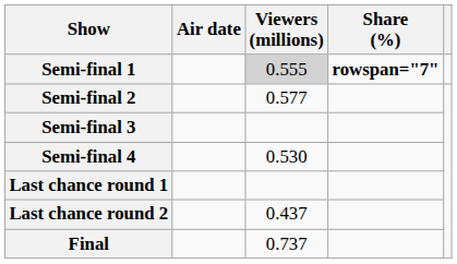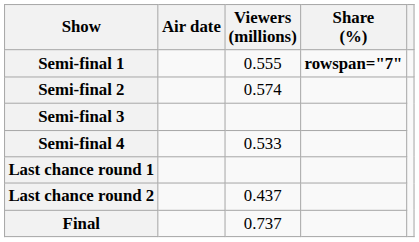 <table class="wikitable plainrowheaders sortable" style="text-align:center">
 <tr>
 <th scope="col" class="unsortable">Show</th>
 <th scope="col">Air date</th>
 <th scope="col">Viewers<br>(millions)</th>
 <th scope="col">Share<br>(%)</th>
 <th scope="col" class="unsortable"></th>
 </tr>
 <tr>
 <th scope="row">Semi-final 1</th>
 <td></td>
-<td style="background: lightgrey;">0.555</td>
+<td>0.555</td>
 <td><strong>rowspan="7" </strong></td>
 <td></td>
 </tr>
 <tr>
 <th scope="row">Semi-final 2</th>
 <td></td>
-<td>0.577</td>
+<td>0.574</td>
 <td></td>
 </tr>
 <tr>
 <th scope="row">Semi-final 3</th>
 <td></td>
 <td></td>
 <td></td>
 </tr>
 <tr>
 <th scope="row">Semi-final 4</th>
 <td></td>
-<td>0.530</td>
+<td>0.533</td>
 <td></td>
 </tr>
 <tr>
 <th scope="row">Last chance round 1</th>
 <td></td>
 <td></td>
 <td></td>
 </tr>
 <tr>
 <th scope="row">Last chance round 2</th>
 <td></td>
 <td>0.437</td>
 <td></td>
 </tr>
 <tr>
 <th scope="row">Final</th>
 <td></td>
 <td>0.737</td>
 <td></td>
 </tr>
 </table>
